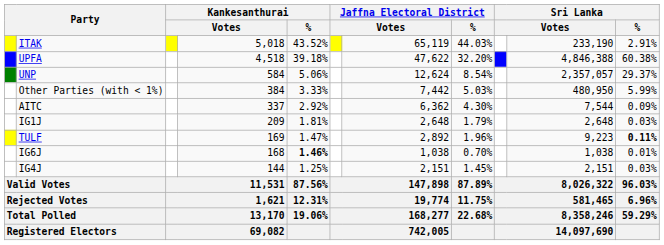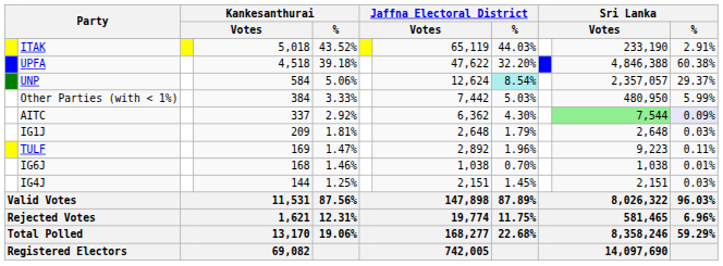 <table class="wikitable">
 <tr>
 <th colspan="2" width="144px"rowspan="2">Party</th>
 <th colspan="3" width="216px">Kankesanthurai</th>
 <th colspan="3" width="216px"><a href='#'>Jaffna Electoral District</a></th>
 <th colspan="3" width="216px">Sri Lanka</th>
 </tr>
 <tr>
 <th colspan="2" width="144px">Votes</th>
 <th>%</th>
 <th colspan="2" width="144px">Votes</th>
 <th>%</th>
 <th colspan="2" width="144px">Votes</th>
 <th>%</th>
 </tr>
 <tr>
 <td style="background-color:yellow;" width="10px"></td>
 <td style="text-align:left;"><a href='#'>ITAK</a></td>
 <td style="background-color:yellow;" width="10px"></td>
 <td style="text-align:right;">5,018</td>
 <td style="text-align:right;">43.52%</td>
 <td style="background-color:yellow;" width="10px"></td>
 <td style="text-align:right;">65,119</td>
 <td style="text-align:right;">44.03%</td>
 <td style="background-color:white;" width="10px"></td>
 <td style="text-align:right;">233,190</td>
 <td style="text-align:right;">2.91%</td>
 </tr>
 <tr>
 <td style="background-color:blue;" width="10px"></td>
 <td style="text-align:left;"><a href='#'>UPFA</a></td>
 <td style="background-color:white;" width="10px"></td>
 <td style="text-align:right;">4,518</td>
 <td style="text-align:right;">39.18%</td>
 <td style="background-color:white;" width="10px"></td>
 <td style="text-align:right;">47,622</td>
 <td style="text-align:right;">32.20%</td>
 <td style="background-color:blue;" width="10px"></td>
 <td style="text-align:right;">4,846,388</td>
 <td style="text-align:right;">60.38%</td>
 </tr>
 <tr>
 <td style="background-color:green;" width="10px"></td>
 <td style="text-align:left;"><a href='#'>UNP</a></td>
 <td style="background-color:white;" width="10px"></td>
 <td style="text-align:right;">584</td>
 <td style="text-align:right;">5.06%</td>
 <td style="background-color:white;" width="10px"></td>
 <td style="text-align:right;">12,624</td>
-<td style="text-align:right;">8.54%</td>
+<td style="background: paleturquoise; text-align:right;">8.54%</td>
 <td style="background-color:white;" width="10px"></td>
 <td style="text-align:right;">2,357,057</td>
 <td style="text-align:right;">29.37%</td>
 </tr>
 <tr>
 <td style="background-color:white;" width="10px"></td>
 <td style="text-align:left;">Other Parties (with < 1%)</td>
 <td style="background-color:white;" width="10px"></td>
 <td style="text-align:right;">384</td>
 <td style="text-align:right;">3.33%</td>
 <td style="background-color:white;" width="10px"></td>
 <td style="text-align:right;">7,442</td>
 <td style="text-align:right;">5.03%</td>
 <td style="background-color:white;" width="10px"></td>
 <td style="text-align:right;">480,950</td>
 <td style="text-align:right;">5.99%</td>
 </tr>
 <tr>
 <td style="background-color:white;" width="10px"></td>
 <td style="text-align:left;">AITC</td>
 <td style="background-color:white;" width="10px"></td>
 <td style="text-align:right;">337</td>
 <td style="text-align:right;">2.92%</td>
 <td style="background-color:white;" width="10px"></td>
 <td style="text-align:right;">6,362</td>
 <td style="text-align:right;">4.30%</td>
 <td style="background-color:white;" width="10px"></td>
-<td style="text-align:right;">7,544</td>
-<td style="text-align:right;">0.09%</td>
+<td style="background: lightgreen; text-align:right;">7,544</td>
+<td style="background: lavender; text-align:right;">0.09%</td>
 </tr>
 <tr>
 <td style="background-color:white;" width="10px"></td>
 <td style="text-align:left;">IG1J</td>
 <td style="background-color:white;" width="10px"></td>
 <td style="text-align:right;">209</td>
 <td style="text-align:right;">1.81%</td>
 <td style="background-color:white;" width="10px"></td>
 <td style="text-align:right;">2,648</td>
 <td style="text-align:right;">1.79%</td>
 <td style="background-color:white;" width="10px"></td>
 <td style="text-align:right;">2,648</td>
 <td style="text-align:right;">0.03%</td>
 </tr>
 <tr>
 <td style="background-color:yellow;" width="10px"></td>
 <td style="text-align:left;"><a href='#'>TULF</a></td>
 <td style="background-color:white;" width="10px"></td>
 <td style="text-align:right;">169</td>
 <td style="text-align:right;">1.47%</td>
 <td style="background-color:white;" width="10px"></td>
 <td style="text-align:right;">2,892</td>
 <td style="text-align:right;">1.96%</td>
 <td style="background-color:white;" width="10px"></td>
 <td style="text-align:right;">9,223</td>
-<td style="text-align:right;"><strong>0.11%</strong></td>
+<td style="text-align:right;">0.11%</td>
 </tr>
 <tr>
 <td style="background-color:white;" width="10px"></td>
 <td style="text-align:left;">IG6J</td>
 <td style="background-color:white;" width="10px"></td>
 <td style="text-align:right;">168</td>
-<td style="text-align:right;"><strong>1.46%</strong></td>
+<td style="text-align:right;">1.46%</td>
 <td style="background-color:white;" width="10px"></td>
 <td style="text-align:right;">1,038</td>
 <td style="text-align:right;">0.70%</td>
 <td style="background-color:white;" width="10px"></td>
 <td style="text-align:right;">1,038</td>
 <td style="text-align:right;">0.01%</td>
 </tr>
 <tr>
 <td style="background-color:white;" width="10px"></td>
 <td style="text-align:left;">IG4J</td>
 <td style="background-color:white;" width="10px"></td>
 <td style="text-align:right;">144</td>
 <td style="text-align:right;">1.25%</td>
 <td style="background-color:white;" width="10px"></td>
 <td style="text-align:right;">2,151</td>
 <td style="text-align:right;">1.45%</td>
 <td style="background-color:white;" width="10px"></td>
 <td style="text-align:right;">2,151</td>
 <td style="text-align:right;">0.03%</td>
 </tr>
 <tr>
 <th colspan="2" width="144px"style="text-align:left;">Valid Votes</th>
 <th style="text-align:right;"colspan="2" width="144px">11,531</th>
 <th style="text-align:right;">87.56%</th>
 <th style="text-align:right;"colspan="2" width="144px">147,898</th>
 <th style="text-align:right;">87.89%</th>
 <th style="text-align:right;"colspan="2" width="144px">8,026,322</th>
 <th style="text-align:right;">96.03%</th>
 </tr>
 <tr>
 <th colspan="2" width="144px"style="text-align:left;">Rejected Votes</th>
 <th style="text-align:right;"colspan="2" width="144px">1,621</th>
 <th style="text-align:right;">12.31%</th>
 <th style="text-align:right;"colspan="2" width="144px">19,774</th>
 <th style="text-align:right;">11.75%</th>
 <th style="text-align:right;"colspan="2" width="144px">581,465</th>
 <th style="text-align:right;">6.96%</th>
 </tr>
 <tr>
 <th colspan="2" width="144px"style="text-align:left;">Total Polled</th>
 <th style="text-align:right;"colspan="2" width="144px">13,170</th>
 <th style="text-align:right;">19.06%</th>
 <th style="text-align:right;"colspan="2" width="144px">168,277</th>
 <th style="text-align:right;">22.68%</th>
 <th style="text-align:right;"colspan="2" width="144px">8,358,246</th>
 <th style="text-align:right;">59.29%</th>
 </tr>
 <tr>
 <th colspan="2" width="144px"style="text-align:left;">Registered Electors</th>
 <th style="text-align:right;"colspan="2" width="144px">69,082</th>
 <th></th>
 <th style="text-align:right;"colspan="2" width="144px">742,005</th>
 <th></th>
 <th style="text-align:right;"colspan="2" width="144px">14,097,690</th>
 <th></th>
 </tr>
 </table>
